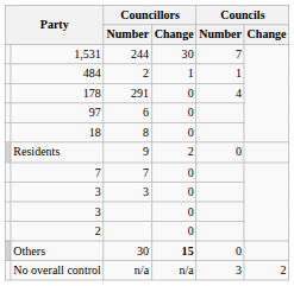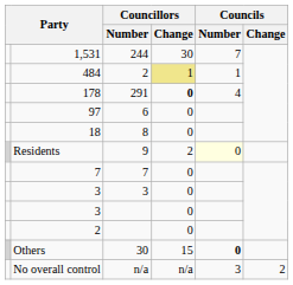 <table class="wikitable" style="text-align:right; font-size:95%;">
 <tr border="1" cellspacing="0" cellpadding="5">
 <th colspan="2" rowspan="2" align="center">Party</th>
 <th colspan="2" valign="top">Councillors</th>
 <th colspan="2" valign="top">Councils</th>
 </tr>
 <tr>
 <th valign="top">Number</th>
 <th valign="top">Change</th>
 <th valign="top">Number</th>
 <th valign="top">Change</th>
 </tr>
 <tr>
 <td></td>
 <td align="right">1,531</td>
 <td align="right">244</td>
 <td align="right">30</td>
 <td align="right">7</td>
 </tr>
 <tr>
 <td></td>
 <td align="right">484</td>
 <td align="right">2</td>
-<td align="right">1</td>
+<td align="right" style="background: khaki;">1</td>
 <td align="right">1</td>
 </tr>
 <tr>
 <td></td>
 <td align="right">178</td>
 <td align="right">291</td>
-<td align="right">0</td>
+<td align="right"><strong>0</strong></td>
 <td align="right">4</td>
 </tr>
 <tr>
 <td></td>
 <td align="right">97</td>
 <td align="right">6</td>
 <td align="right">0</td>
 <td align="right"></td>
 </tr>
 <tr>
 <td></td>
 <td align="right">18</td>
 <td align="right">8</td>
 <td align="right">0</td>
 <td align="right"></td>
 </tr>
 <tr>
 <td style="color:inherit;background:#d3d3d3"></td>
 <td align="left">Residents</td>
 <td align="right">9</td>
 <td align="right">2</td>
-<td align="right">0</td>
+<td align="right" style="background: lightyellow;">0</td>
 <td align="right"></td>
 </tr>
 <tr>
 <td></td>
 <td align="right">7</td>
 <td align="right">7</td>
 <td align="right">0</td>
 <td align="right"></td>
 </tr>
 <tr>
 <td></td>
 <td align="right">3</td>
 <td align="right">3</td>
 <td align="right">0</td>
 <td align="right"></td>
 </tr>
 <tr>
 <td></td>
 <td align="right">3</td>
 <td align="right"></td>
 <td align="right">0</td>
 <td align="right"></td>
 </tr>
 <tr>
 <td></td>
 <td align="right">2</td>
 <td align="right"></td>
 <td align="right">0</td>
 <td align="right"></td>
 </tr>
 <tr>
 <td style="color:inherit;background:#d3d3d3"></td>
 <td align="left">Others</td>
 <td align="right">30</td>
-<td align="right"><strong>15</strong></td>
-<td align="right">0</td>
+<td align="right">15</td>
+<td align="right"><strong>0</strong></td>
 <td align="right"></td>
 </tr>
 <tr>
 <td style="color:inherit;background:"></td>
 <td align="left">No overall control</td>
 <td align="right">n/a</td>
 <td align="right">n/a</td>
 <td align="right">3</td>
 <td align="right">2</td>
 </tr>
 </table>
